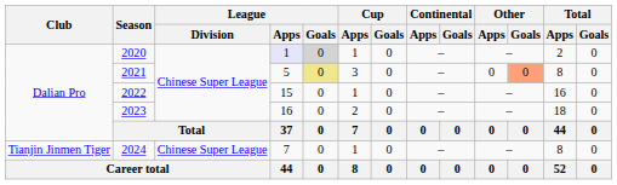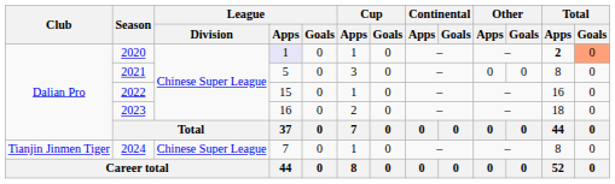 <table class="wikitable" style="text-align: center">
 <tr>
 <th rowspan="2">Club</th>
 <th rowspan="2">Season</th>
 <th colspan="3">League</th>
 <th colspan="2">Cup</th>
 <th colspan="2">Continental</th>
 <th colspan="2">Other</th>
 <th colspan="2">Total</th>
 </tr>
 <tr>
 <th>Division</th>
 <th>Apps</th>
 <th>Goals</th>
 <th>Apps</th>
 <th>Goals</th>
 <th>Apps</th>
 <th>Goals</th>
 <th>Apps</th>
 <th>Goals</th>
 <th>Apps</th>
 <th>Goals</th>
 </tr>
 <tr>
 <td rowspan=5><a href='#'>Dalian Pro</a></td>
 <td><a href='#'>2020</a></td>
 <td rowspan=4><a href='#'>Chinese Super League</a></td>
 <td style="background: lavender;">1</td>
-<td style="background: lightgrey;">0</td>
+<td>0</td>
 <td>1</td>
 <td>0</td>
 <td colspan="2">–</td>
 <td colspan="2">–</td>
-<td>2</td>
-<td>0</td>
+<td><strong>2</strong></td>
+<td style="background: lightsalmon;">0</td>
 </tr>
 <tr>
 <td><a href='#'>2021</a></td>
 <td>5</td>
-<td style="background: khaki;">0</td>
+<td>0</td>
 <td>3</td>
 <td>0</td>
 <td colspan="2">–</td>
 <td>0</td>
-<td style="background: lightsalmon;">0</td>
+<td>0</td>
 <td>8</td>
 <td>0</td>
 </tr>
 <tr>
 <td><a href='#'>2022</a></td>
 <td>15</td>
 <td>0</td>
 <td>1</td>
 <td>0</td>
 <td colspan="2">–</td>
 <td colspan="2">–</td>
 <td>16</td>
 <td>0</td>
 </tr>
 <tr>
 <td><a href='#'>2023</a></td>
 <td>16</td>
 <td>0</td>
 <td>2</td>
 <td>0</td>
 <td colspan="2">–</td>
 <td colspan="2">–</td>
 <td>18</td>
 <td>0</td>
 </tr>
 <tr>
 <th colspan="2">Total</th>
 <th>37</th>
 <th>0</th>
 <th>7</th>
 <th>0</th>
 <th>0</th>
 <th>0</th>
 <th>0</th>
 <th>0</th>
 <th>44</th>
 <th>0</th>
 </tr>
 <tr>
 <td rowspan=1><a href='#'>Tianjin Jinmen Tiger</a></td>
 <td><a href='#'>2024</a></td>
 <td rowspan=1><a href='#'>Chinese Super League</a></td>
 <td>7</td>
 <td>0</td>
 <td>1</td>
 <td>0</td>
 <td colspan="2">–</td>
 <td colspan="2">–</td>
 <td>8</td>
 <td>0</td>
 </tr>
 <tr>
 <th colspan=3>Career total</th>
 <th>44</th>
 <th>0</th>
 <th>8</th>
 <th>0</th>
 <th>0</th>
 <th>0</th>
 <th>0</th>
 <th>0</th>
 <th>52</th>
 <th>0</th>
 </tr>
 </table>
